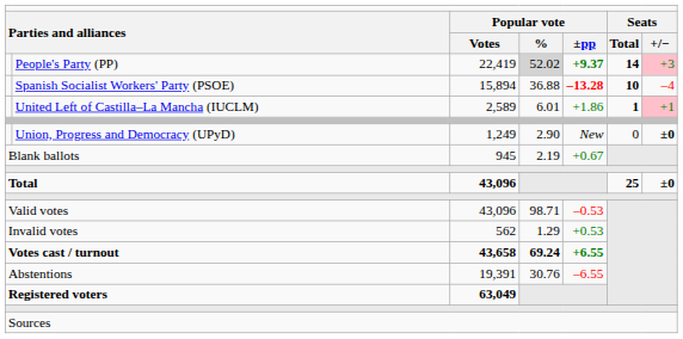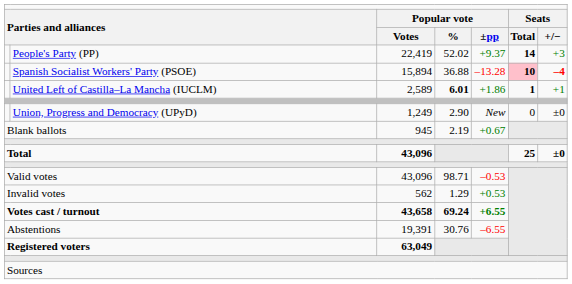 <table class="wikitable" style="text-align:right;">
 <tr>
 <td colspan="7"></td>
 </tr>
 <tr>
 <th style="text-align:left;" rowspan="2" colspan="2" width="525">Parties and alliances</th>
 <th colspan="3">Popular vote</th>
 <th colspan="2">Seats</th>
 </tr>
 <tr>
 <th width="75">Votes</th>
 <th width="45">%</th>
 <th width="45">±<a href='#'>pp</a></th>
 <th width="35">Total</th>
 <th width="35">+/−</th>
 </tr>
 <tr>
 <td width="1" style="color:inherit;background:"></td>
 <td align="left"><a href='#'>People's Party</a> (PP)</td>
 <td>22,419</td>
-<td style="background: lightgrey;">52.02</td>
-<td style="color:green;"><strong>+9.37</strong></td>
+<td>52.02</td>
+<td style="color:green;">+9.37</td>
 <td><strong>14</strong></td>
-<td style="background: pink; color:green;">+3</td>
+<td style="color:green;">+3</td>
 </tr>
 <tr>
 <td style="color:inherit;background:"></td>
 <td align="left"><a href='#'>Spanish Socialist Workers' Party</a> (PSOE)</td>
 <td>15,894</td>
 <td>36.88</td>
-<td style="color:red;"><strong>–13.28</strong></td>
-<td><strong>10</strong></td>
-<td style="color:red;">–4</td>
+<td style="color:red;">–13.28</td>
+<td style="background: pink;"><strong>10</strong></td>
+<td style="color:red;"><strong>–4</strong></td>
 </tr>
 <tr>
 <td style="color:inherit;background:"></td>
 <td align="left"><a href='#'>United Left of Castilla–La Mancha</a> (IUCLM)</td>
 <td>2,589</td>
-<td>6.01</td>
+<td><strong>6.01</strong></td>
 <td style="color:green;">+1.86</td>
 <td><strong>1</strong></td>
-<td style="background: pink; color:green;">+1</td>
+<td style="color:green;">+1</td>
 </tr>
 <tr>
 <td colspan="7" bgcolor="#C0C0C0"></td>
 </tr>
 <tr>
 <td style="color:inherit;background:"></td>
 <td align="left"><a href='#'>Union, Progress and Democracy</a> (UPyD)</td>
 <td>1,249</td>
 <td>2.90</td>
 <td><em>New</em></td>
 <td>0</td>
-<td><strong>±0</strong></td>
+<td>±0</td>
 </tr>
 <tr>
 <td align="left" colspan="2">Blank ballots</td>
 <td>945</td>
 <td>2.19</td>
 <td style="color:green;">+0.67</td>
 <td bgcolor="#E9E9E9" colspan="2"></td>
 </tr>
 <tr>
 <td colspan="7" bgcolor="#E9E9E9"></td>
 </tr>
 <tr style="font-weight:bold;">
 <td align="left" colspan="2">Total</td>
 <td>43,096</td>
 <td bgcolor="#E9E9E9" colspan="2"></td>
 <td>25</td>
 <td>±0</td>
 </tr>
 <tr>
 <td colspan="7" bgcolor="#E9E9E9"></td>
 </tr>
 <tr>
 <td align="left" colspan="2">Valid votes</td>
 <td>43,096</td>
 <td>98.71</td>
 <td style="color:red;">–0.53</td>
 <td bgcolor="#E9E9E9" colspan="2" rowspan="5"></td>
 </tr>
 <tr>
 <td align="left" colspan="2">Invalid votes</td>
 <td>562</td>
 <td>1.29</td>
 <td style="color:green;">+0.53</td>
 </tr>
 <tr style="font-weight:bold;">
 <td align="left" colspan="2">Votes cast / turnout</td>
 <td>43,658</td>
 <td>69.24</td>
 <td style="color:green;">+6.55</td>
 </tr>
 <tr>
 <td align="left" colspan="2">Abstentions</td>
 <td>19,391</td>
 <td>30.76</td>
 <td style="color:red;">–6.55</td>
 </tr>
 <tr style="font-weight:bold;">
 <td align="left" colspan="2">Registered voters</td>
 <td>63,049</td>
 <td bgcolor="#E9E9E9" colspan="2"></td>
 </tr>
 <tr>
 <td colspan="7" bgcolor="#E9E9E9"></td>
 </tr>
 <tr>
 <td align="left" colspan="7">Sources</td>
 </tr>
 </table>
